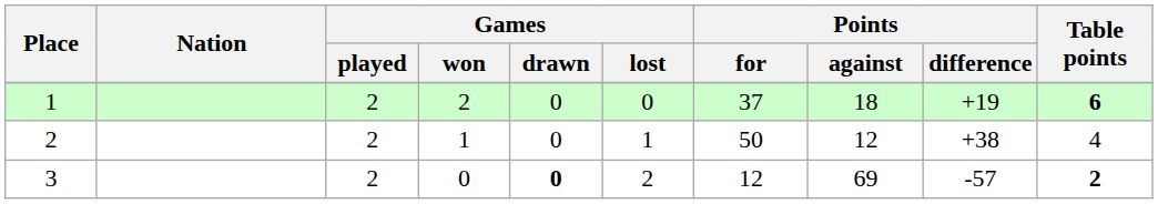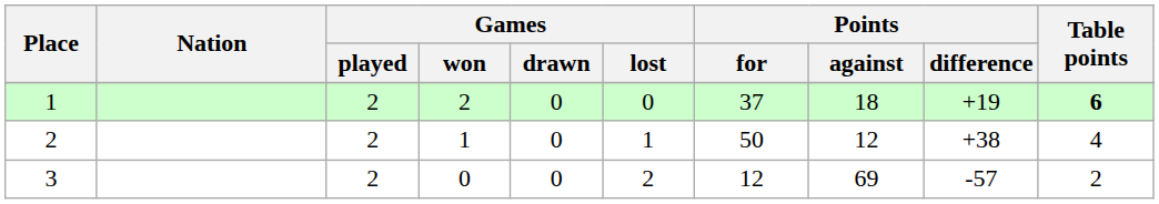 <table class="wikitable">
 <tr>
 <th rowspan=2 width="8%">Place</th>
 <th rowspan=2 width="20%">Nation</th>
 <th colspan=4 width="32%">Games</th>
 <th colspan=3 width="30%">Points</th>
 <th rowspan=2 width="10%">Table<br>points</th>
 </tr>
 <tr>
 <th width="8%">played</th>
 <th width="8%">won</th>
 <th width="8%">drawn</th>
 <th width="8%">lost</th>
 <th width="10%">for</th>
 <th width="10%">against</th>
 <th width="10%">difference</th>
 </tr>
 <tr>
 </tr>
 <tr bgcolor=#ccffcc align=center>
 <td>1</td>
 <td align=left><strong></strong></td>
 <td>2</td>
 <td>2</td>
 <td>0</td>
 <td>0</td>
 <td>37</td>
 <td>18</td>
 <td>+19</td>
 <td><strong>6</strong></td>
 </tr>
 <tr bgcolor=#ffffff align=center>
 <td>2</td>
 <td align=left></td>
 <td>2</td>
 <td>1</td>
 <td>0</td>
 <td>1</td>
 <td>50</td>
 <td>12</td>
 <td>+38</td>
 <td>4</td>
 </tr>
 <tr bgcolor=#ffffff align=center>
 <td>3</td>
 <td align=left></td>
 <td>2</td>
 <td>0</td>
-<td><strong>0</strong></td>
+<td>0</td>
 <td>2</td>
 <td>12</td>
 <td>69</td>
 <td>-57</td>
-<td><strong>2</strong></td>
+<td>2</td>
 </tr>
 </table>
